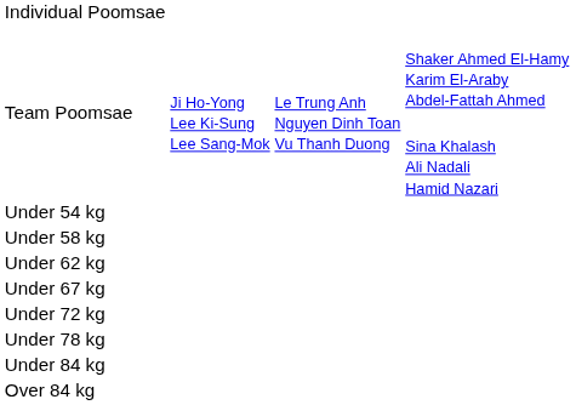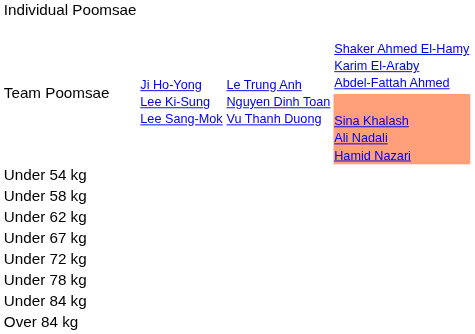 <table>
 <tr>
 <td rowspan=2>Individual Poomsae</td>
 <td rowspan=2></td>
 <td rowspan=2></td>
 <td></td>
 </tr>
 <tr>
 <td></td>
 </tr>
 <tr>
 <td rowspan=2>Team Poomsae</td>
 <td rowspan=2><br><small><a href='#'>Ji Ho-Yong</a><br><a href='#'>Lee Ki-Sung</a><br><a href='#'>Lee Sang-Mok</a></small></td>
 <td rowspan=2><br><small><a href='#'>Le Trung Anh</a><br><a href='#'>Nguyen Dinh Toan</a><br><a href='#'>Vu Thanh Duong</a></small></td>
 <td><br><small><a href='#'>Shaker Ahmed El-Hamy</a><br><a href='#'>Karim El-Araby</a><br><a href='#'>Abdel-Fattah Ahmed</a></small></td>
 </tr>
 <tr>
-<td><br><small><a href='#'>Sina Khalash</a><br><a href='#'>Ali Nadali</a><br><a href='#'>Hamid Nazari</a></small></td>
+<td style="background: lightsalmon;"><br><small><a href='#'>Sina Khalash</a><br><a href='#'>Ali Nadali</a><br><a href='#'>Hamid Nazari</a></small></td>
 </tr>
 <tr>
 <td rowspan=2>Under 54 kg</td>
 <td rowspan=2></td>
 <td rowspan=2></td>
 <td></td>
 </tr>
 <tr>
 <td></td>
 </tr>
 <tr>
 <td rowspan=2>Under 58 kg</td>
 <td rowspan=2></td>
 <td rowspan=2></td>
 <td></td>
 </tr>
 <tr>
 <td></td>
 </tr>
 <tr>
 <td rowspan=2>Under 62 kg</td>
 <td rowspan=2></td>
 <td rowspan=2></td>
 <td></td>
 </tr>
 <tr>
 <td></td>
 </tr>
 <tr>
 <td rowspan=2>Under 67 kg</td>
 <td rowspan=2></td>
 <td rowspan=2></td>
 <td></td>
 </tr>
 <tr>
 <td></td>
 </tr>
 <tr>
 <td rowspan=2>Under 72 kg</td>
 <td rowspan=2></td>
 <td rowspan=2></td>
 <td></td>
 </tr>
 <tr>
 <td></td>
 </tr>
 <tr>
 <td rowspan=2>Under 78 kg</td>
 <td rowspan=2></td>
 <td rowspan=2></td>
 <td></td>
 </tr>
 <tr>
 <td></td>
 </tr>
 <tr>
 <td rowspan=2>Under 84 kg</td>
 <td rowspan=2></td>
 <td rowspan=2></td>
 <td></td>
 </tr>
 <tr>
 <td></td>
 </tr>
 <tr>
 <td rowspan=2>Over 84 kg</td>
 <td rowspan=2></td>
 <td rowspan=2></td>
 <td></td>
 </tr>
 <tr>
 <td></td>
 </tr>
 </table>
